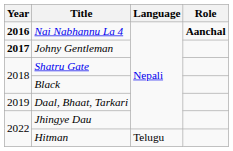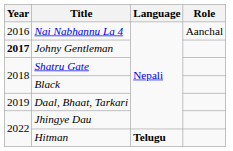 <table class="wikitable">
 <tr>
 <th>Year</th>
 <th>Title</th>
 <th>Language</th>
 <th>Role</th>
 </tr>
 <tr>
-<td rowspan=1><strong>2016</strong></td>
+<td rowspan=1>2016</td>
 <td><em><a href='#'>Nai Nabhannu La 4</a></em></td>
 <td rowspan=6><a href='#'>Nepali</a></td>
-<td><strong>Aanchal</strong></td>
+<td>Aanchal</td>
 </tr>
 <tr>
 <td rowspan=1><strong>2017</strong></td>
 <td><em>Johny Gentleman</em></td>
 <td></td>
 </tr>
 <tr>
 <td rowspan=2>2018</td>
 <td><em><a href='#'>Shatru Gate</a></em></td>
 <td></td>
 </tr>
 <tr>
 <td><em>Black</em></td>
 <td></td>
 </tr>
 <tr>
 <td rowspan=1>2019</td>
 <td><em>Daal, Bhaat, Tarkari</em></td>
 <td></td>
 </tr>
 <tr>
 <td rowspan=2>2022</td>
 <td><em>Jhingye Dau</em></td>
 <td></td>
 </tr>
 <tr>
 <td><em>Hitman</em> </td>
-<td>Telugu</td>
+<td><strong>Telugu</strong></td>
 <td></td>
 </tr>
 </table>
